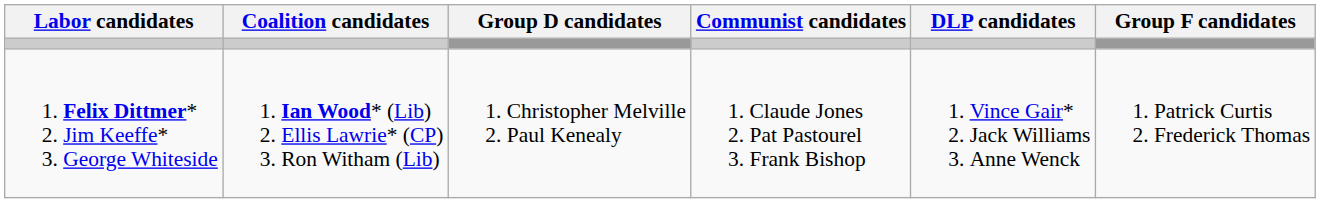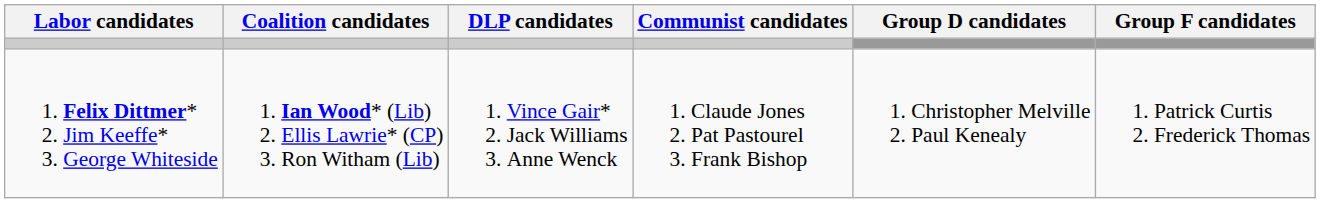 <table class="wikitable">
 <tr>
 <th><a href='#'>Labor</a> candidates</th>
 <th><a href='#'>Coalition</a> candidates</th>
+<th><a href='#'>DLP</a> candidates</th>
+<th><a href='#'>Communist</a> candidates</th>
 <th>Group D candidates</th>
-<th><a href='#'>Communist</a> candidates</th>
-<th><a href='#'>DLP</a> candidates</th>
 <th>Group F candidates</th>
 </tr>
 <tr bgcolor="#cccccc">
 <td></td>
 <td></td>
-<td bgcolor="#999999"></td>
 <td></td>
 <td></td>
+<td bgcolor="#999999"></td>
 <td bgcolor="#999999"></td>
 </tr>
 <tr>
 <td><br><ol><li><strong><a href='#'>Felix Dittmer</a></strong>*</li><li><a href='#'>Jim Keeffe</a>*</li><li><a href='#'>George Whiteside</a></li></ol></td>
 <td><br><ol><li><strong><a href='#'>Ian Wood</a></strong>* (<a href='#'>Lib</a>)</li><li><a href='#'>Ellis Lawrie</a>* (<a href='#'>CP</a>)</li><li>Ron Witham (<a href='#'>Lib</a>)</li></ol></td>
+<td><br><ol><li><a href='#'>Vince Gair</a>*</li><li>Jack Williams</li><li>Anne Wenck</li></ol></td>
+<td valign=top><br><ol><li>Claude Jones</li><li>Pat Pastourel</li><li>Frank Bishop</li></ol></td>
 <td valign=top><br><ol><li>Christopher Melville</li><li>Paul Kenealy</li></ol></td>
-<td valign=top><br><ol><li>Claude Jones</li><li>Pat Pastourel</li><li>Frank Bishop</li></ol></td>
-<td><br><ol><li><a href='#'>Vince Gair</a>*</li><li>Jack Williams</li><li>Anne Wenck</li></ol></td>
 <td valign=top><br><ol><li>Patrick Curtis</li><li>Frederick Thomas</li></ol></td>
 </tr>
 </table>
